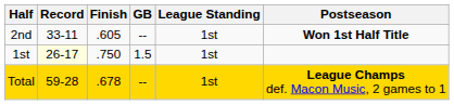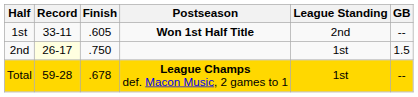 <table class="wikitable" style="text-align:center">
 <tr>
 <th>Half</th>
 <th>Record</th>
 <th>Finish</th>
+<th>Postseason</th>
+<th>League Standing</th>
 <th>GB</th>
-<th>League Standing</th>
-<th>Postseason</th>
+</tr>
+<tr>
+<td>1st</td>
+<td>33-11</td>
+<td>.605</td>
+<td><strong>Won 1st Half Title</strong></td>
+<td>2nd</td>
+<td>--</td>
 </tr>
 <tr>
 <td>2nd</td>
-<td>33-11</td>
-<td>.605</td>
-<td>--</td>
-<td>1st</td>
-<td><strong>Won 1st Half Title</strong></td>
-</tr>
-<tr>
-<td>1st</td>
 <td style="background: lightyellow;">26-17</td>
 <td>.750</td>
+<td></td>
+<td>1st</td>
 <td>1.5</td>
-<td>1st</td>
-<td></td>
 </tr>
 <tr bgcolor="#FFD800">
 <td>Total</td>
 <td>59-28</td>
 <td>.678</td>
+<td><strong>League Champs</strong><br>def. <a href='#'>Macon Music</a>, 2 games to 1</td>
+<td>1st</td>
 <td>--</td>
-<td>1st</td>
-<td><strong>League Champs</strong><br>def. <a href='#'>Macon Music</a>, 2 games to 1</td>
 </tr>
 </table>
